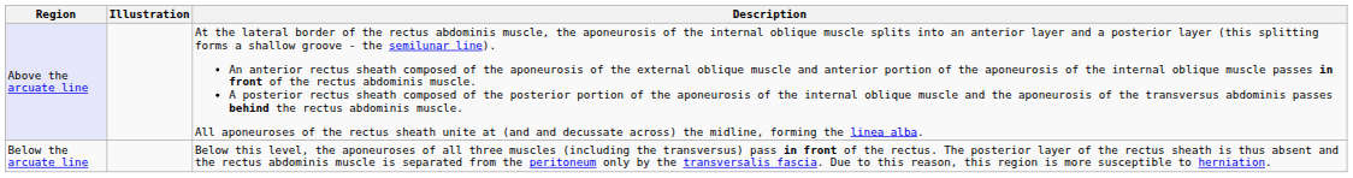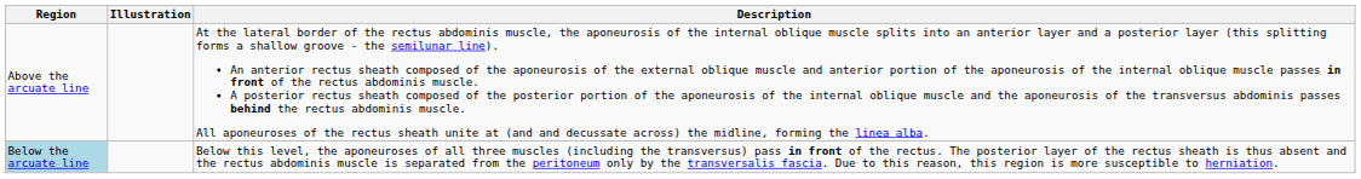 <table class="wikitable">
 <tr>
 <th>Region</th>
 <th>Illustration</th>
 <th>Description</th>
 </tr>
 <tr>
-<td style="background: lavender;">Above the <a href='#'>arcuate line</a></td>
+<td>Above the <a href='#'>arcuate line</a></td>
 <td></td>
 <td>At the lateral border of the rectus abdominis muscle, the aponeurosis of the internal oblique muscle splits into an anterior layer and a posterior layer (this splitting forms a shallow groove - the <a href='#'>semilunar line</a>).<strong></strong><br><ul><li>An anterior rectus sheath composed of the aponeurosis of the external oblique muscle and anterior portion of the aponeurosis of the internal oblique muscle passes <strong>in front</strong> of the rectus abdominis muscle.<strong></strong></li><li>A posterior rectus sheath composed of the posterior portion of the aponeurosis of the internal oblique muscle and the aponeurosis of the transversus abdominis passes <strong>behind</strong> the rectus abdominis muscle.<strong></strong></li></ul>All aponeuroses of the rectus sheath unite at (and and decussate across) the midline, forming the <a href='#'>linea alba</a>.<strong></strong></td>
 </tr>
 <tr>
-<td>Below the <a href='#'>arcuate line</a></td>
+<td style="background: lightblue;">Below the <a href='#'>arcuate line</a></td>
 <td></td>
 <td>Below this level, the aponeuroses of all three muscles (including the transversus) pass <strong>in front</strong> of the rectus.<strong></strong> The posterior layer of the rectus sheath is thus absent and the rectus abdominis muscle is separated from the <a href='#'>peritoneum</a> only by the <a href='#'>transversalis fascia</a>. Due to this reason, this region is more susceptible to <a href='#'>herniation</a>.</td>
 </tr>
 </table>
